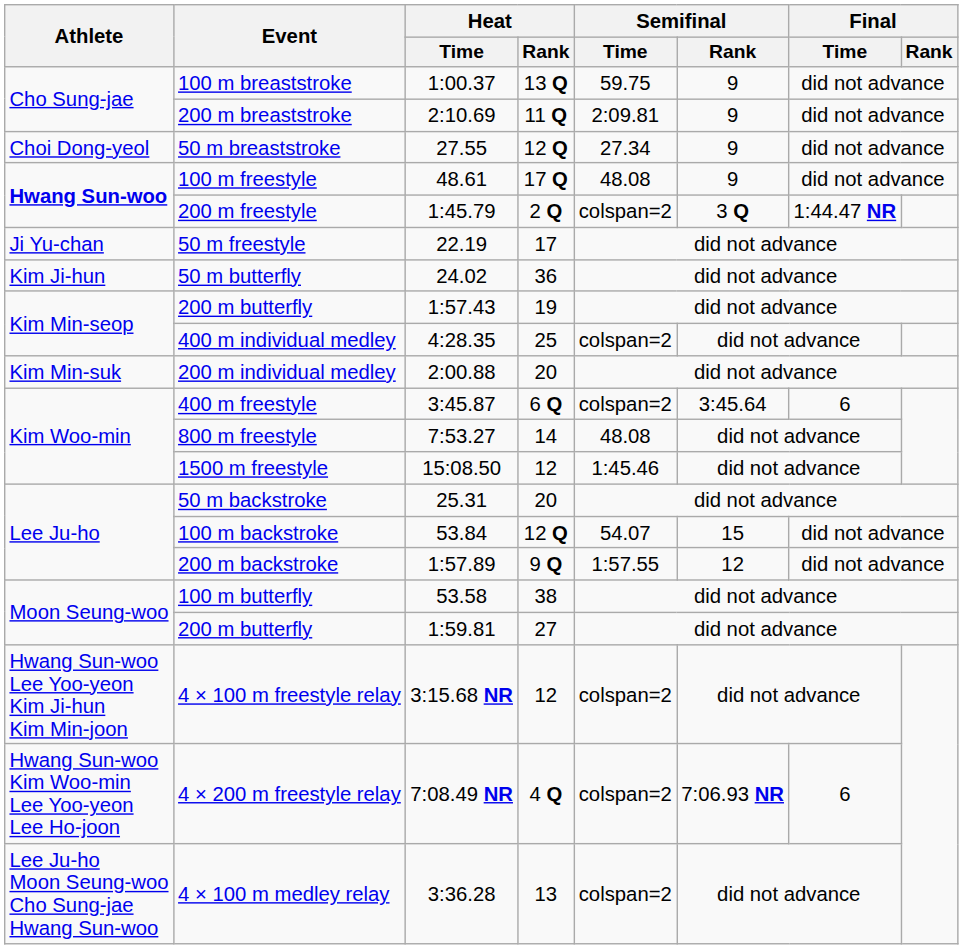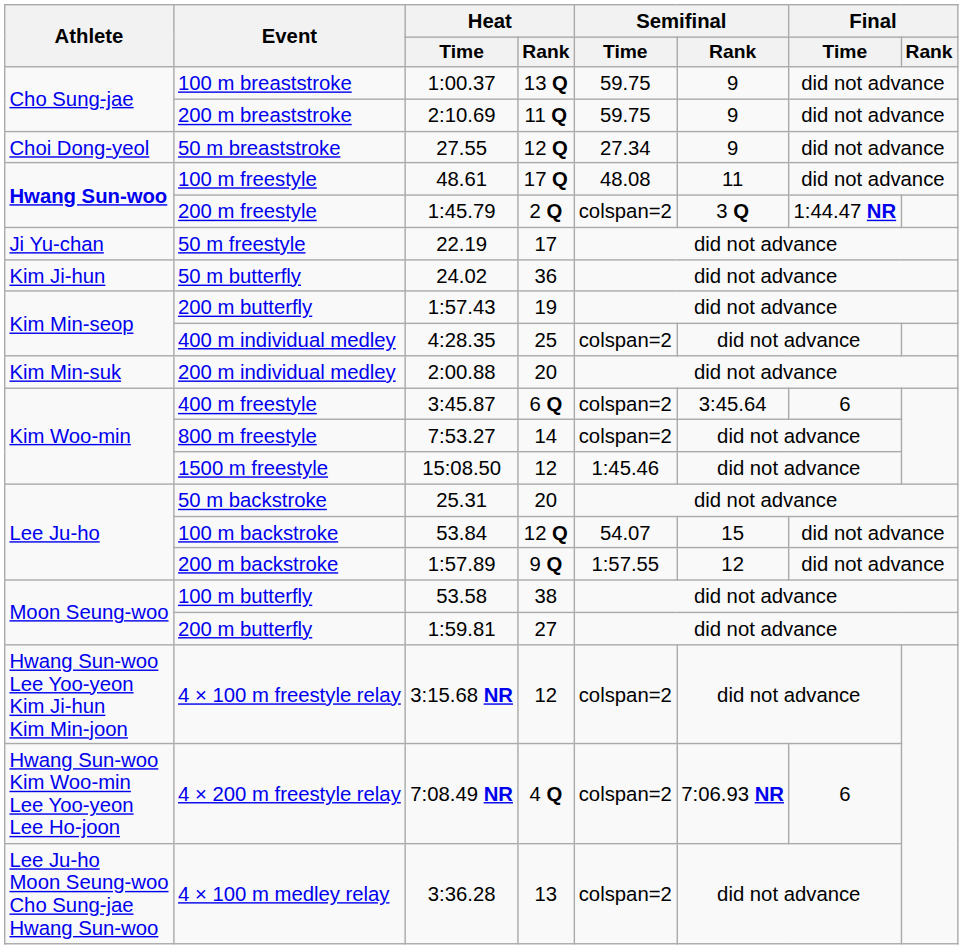 <table class=wikitable style="font-size:90%">
 <tr>
 <th rowspan="2">Athlete</th>
 <th rowspan="2">Event</th>
 <th colspan="2">Heat</th>
 <th colspan="2">Semifinal</th>
 <th colspan="2">Final</th>
 </tr>
 <tr style="font-size:95%">
 <th>Time</th>
 <th>Rank</th>
 <th>Time</th>
 <th>Rank</th>
 <th>Time</th>
 <th>Rank</th>
 </tr>
 <tr style="text-align:center">
 <td style="text-align:left" rowspan=2><a href='#'>Cho Sung-jae</a></td>
 <td style="text-align:left"><a href='#'>100 m breaststroke</a></td>
 <td>1:00.37</td>
 <td>13 <strong>Q</strong></td>
 <td>59.75</td>
 <td>9</td>
 <td colspan=2>did not advance</td>
 </tr>
 <tr style="text-align:center">
 <td style="text-align:left"><a href='#'>200 m breaststroke</a></td>
 <td>2:10.69</td>
 <td>11 <strong>Q</strong></td>
-<td>2:09.81</td>
+<td>59.75</td>
 <td>9</td>
 <td colspan=2>did not advance</td>
 </tr>
 <tr style="text-align:center">
 <td style="text-align:left"><a href='#'>Choi Dong-yeol</a></td>
 <td style="text-align:left"><a href='#'>50 m breaststroke</a></td>
 <td>27.55</td>
 <td>12 <strong>Q</strong></td>
 <td>27.34</td>
 <td>9</td>
 <td colspan=2>did not advance</td>
 </tr>
 <tr style="text-align:center">
 <td style="text-align:left" rowspan=2><strong><a href='#'>Hwang Sun-woo</a></strong></td>
 <td style="text-align:left"><a href='#'>100 m freestyle</a></td>
 <td>48.61</td>
 <td>17 <strong>Q</strong></td>
 <td>48.08</td>
-<td>9</td>
+<td>11</td>
 <td colspan=2>did not advance</td>
 </tr>
 <tr style="text-align:center">
 <td style="text-align:left"><a href='#'>200 m freestyle</a></td>
 <td>1:45.79</td>
 <td>2 <strong>Q</strong></td>
 <td>colspan=2 </td>
 <td>3 <strong>Q</strong></td>
 <td>1:44.47 <strong><a href='#'>NR</a></strong></td>
 <td></td>
 </tr>
 <tr style="text-align:center">
 <td style="text-align:left"><a href='#'>Ji Yu-chan</a></td>
 <td style="text-align:left"><a href='#'>50 m freestyle</a></td>
 <td>22.19</td>
 <td>17</td>
 <td colspan=4>did not advance</td>
 </tr>
 <tr style="text-align:center">
 <td style="text-align:left"><a href='#'>Kim Ji-hun</a></td>
 <td style="text-align:left"><a href='#'>50 m butterfly</a></td>
 <td>24.02</td>
 <td>36</td>
 <td colspan=4>did not advance</td>
 </tr>
 <tr style="text-align:center">
 <td style="text-align:left" rowspan=2><a href='#'>Kim Min-seop</a></td>
 <td style="text-align:left"><a href='#'>200 m butterfly</a></td>
 <td>1:57.43</td>
 <td>19</td>
 <td colspan=4>did not advance</td>
 </tr>
 <tr style="text-align:center">
 <td style="text-align:left"><a href='#'>400 m individual medley</a></td>
 <td>4:28.35</td>
 <td>25</td>
 <td>colspan=2 </td>
 <td colspan=2>did not advance</td>
 </tr>
 <tr style="text-align:center">
 <td style="text-align:left"><a href='#'>Kim Min-suk</a></td>
 <td style="text-align:left"><a href='#'>200 m individual medley</a></td>
 <td>2:00.88</td>
 <td>20</td>
 <td colspan=4>did not advance</td>
 </tr>
 <tr style="text-align:center">
 <td style="text-align:left" rowspan=3><a href='#'>Kim Woo-min</a></td>
 <td style="text-align:left"><a href='#'>400 m freestyle</a></td>
 <td>3:45.87</td>
 <td>6 <strong>Q</strong></td>
 <td>colspan=2 </td>
 <td>3:45.64</td>
 <td>6</td>
 </tr>
 <tr style="text-align:center">
 <td style="text-align:left"><a href='#'>800 m freestyle</a></td>
 <td>7:53.27</td>
 <td>14</td>
-<td>48.08</td>
+<td>colspan=2 </td>
 <td colspan=2>did not advance</td>
 </tr>
 <tr style="text-align:center">
 <td style="text-align:left"><a href='#'>1500 m freestyle</a></td>
 <td>15:08.50</td>
 <td>12</td>
 <td>1:45.46</td>
 <td colspan=2>did not advance</td>
 </tr>
 <tr style="text-align:center">
 <td style="text-align:left" rowspan=3><a href='#'>Lee Ju-ho</a></td>
 <td style="text-align:left"><a href='#'>50 m backstroke</a></td>
 <td>25.31</td>
 <td>20</td>
 <td colspan=4>did not advance</td>
 </tr>
 <tr style="text-align:center">
 <td style="text-align:left"><a href='#'>100 m backstroke</a></td>
 <td>53.84</td>
 <td>12 <strong>Q</strong></td>
 <td>54.07</td>
 <td>15</td>
 <td colspan=2>did not advance</td>
 </tr>
 <tr style="text-align:center">
 <td style="text-align:left"><a href='#'>200 m backstroke</a></td>
 <td>1:57.89</td>
 <td>9 <strong>Q</strong></td>
 <td>1:57.55</td>
 <td>12</td>
 <td colspan=2>did not advance</td>
 </tr>
 <tr style="text-align:center">
 <td style="text-align:left" rowspan=2><a href='#'>Moon Seung-woo</a></td>
 <td style="text-align:left"><a href='#'>100 m butterfly</a></td>
 <td>53.58</td>
 <td>38</td>
 <td colspan=4>did not advance</td>
 </tr>
 <tr style="text-align:center">
 <td style="text-align:left"><a href='#'>200 m butterfly</a></td>
 <td>1:59.81</td>
 <td>27</td>
 <td colspan=4>did not advance</td>
 </tr>
 <tr style="text-align:center">
 <td style="text-align:left"><a href='#'>Hwang Sun-woo</a><br><a href='#'>Lee Yoo-yeon</a><br><a href='#'>Kim Ji-hun</a> <br><a href='#'>Kim Min-joon</a></td>
 <td style="text-align:left"><a href='#'>4 × 100 m freestyle relay</a></td>
 <td>3:15.68 <strong><a href='#'>NR</a></strong></td>
 <td>12</td>
 <td>colspan=2 </td>
 <td colspan=2>did not advance</td>
 </tr>
 <tr style="text-align:center">
 <td style="text-align:left"><a href='#'>Hwang Sun-woo</a><br><a href='#'>Kim Woo-min</a><br><a href='#'>Lee Yoo-yeon</a><br><a href='#'>Lee Ho-joon</a></td>
 <td style="text-align:left"><a href='#'>4 × 200 m freestyle relay</a></td>
 <td>7:08.49 <strong><a href='#'>NR</a></strong></td>
 <td>4 <strong>Q</strong></td>
 <td>colspan=2 </td>
 <td>7:06.93 <strong><a href='#'>NR</a></strong></td>
 <td>6</td>
 </tr>
 <tr style="text-align:center">
 <td style="text-align:left"><a href='#'>Lee Ju-ho</a><br><a href='#'>Moon Seung-woo</a><br><a href='#'>Cho Sung-jae</a><br><a href='#'>Hwang Sun-woo</a></td>
 <td style="text-align:left"><a href='#'>4 × 100 m medley relay</a></td>
 <td>3:36.28</td>
 <td>13</td>
 <td>colspan=2 </td>
 <td colspan=2>did not advance</td>
 </tr>
 </table>
